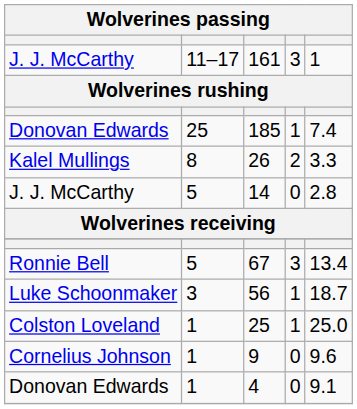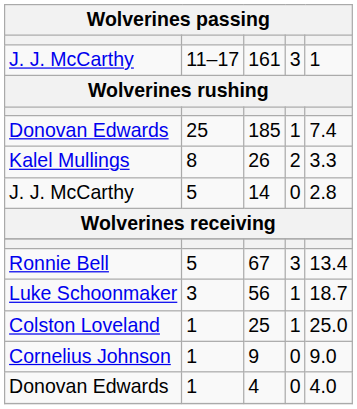 <table class="wikitable plainrowheaders">
 <tr>
 <th colspan="6">Wolverines passing</th>
 </tr>
 <tr>
 <th scope="col"></th>
 <th scope="col"></th>
 <th scope="col"></th>
 <th scope="col"></th>
 <th scope="col"></th>
 </tr>
 <tr>
 <td><a href='#'>J. J. McCarthy</a></td>
 <td>11–17</td>
 <td>161</td>
 <td>3</td>
 <td>1</td>
 </tr>
 <tr>
 <th colspan="6">Wolverines rushing</th>
 </tr>
 <tr>
 <th scope="col"></th>
 <th scope="col"></th>
 <th scope="col"></th>
 <th scope="col"></th>
 <th scope="col"></th>
 </tr>
 <tr>
 <td><a href='#'>Donovan Edwards</a></td>
 <td>25</td>
 <td>185</td>
 <td>1</td>
 <td>7.4</td>
 </tr>
 <tr>
 <td><a href='#'>Kalel Mullings</a></td>
 <td>8</td>
 <td>26</td>
 <td>2</td>
 <td>3.3</td>
 </tr>
 <tr>
 <td>J. J. McCarthy</td>
 <td>5</td>
 <td>14</td>
 <td>0</td>
 <td>2.8</td>
 </tr>
 <tr>
 <th colspan="6">Wolverines receiving</th>
 </tr>
 <tr>
 </tr>
 <tr>
 <th scope="col"></th>
 <th scope="col"></th>
 <th scope="col"></th>
 <th scope="col"></th>
 <th scope="col"></th>
 </tr>
 <tr>
 <td><a href='#'>Ronnie Bell</a></td>
 <td>5</td>
 <td>67</td>
 <td>3</td>
 <td>13.4</td>
 </tr>
 <tr>
 <td><a href='#'>Luke Schoonmaker</a></td>
 <td>3</td>
 <td>56</td>
 <td>1</td>
 <td>18.7</td>
 </tr>
 <tr>
 <td><a href='#'>Colston Loveland</a></td>
 <td>1</td>
 <td>25</td>
 <td>1</td>
 <td>25.0</td>
 </tr>
 <tr>
 <td><a href='#'>Cornelius Johnson</a></td>
 <td>1</td>
 <td>9</td>
 <td>0</td>
-<td>9.6</td>
+<td>9.0</td>
 </tr>
 <tr>
 <td>Donovan Edwards</td>
 <td>1</td>
 <td>4</td>
 <td>0</td>
-<td>9.1</td>
+<td>4.0</td>
 </tr>
 <tr>
 </tr>
 </table>
